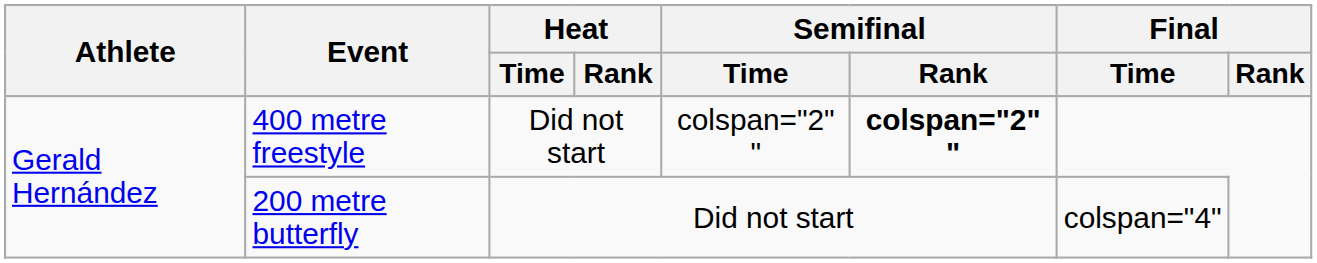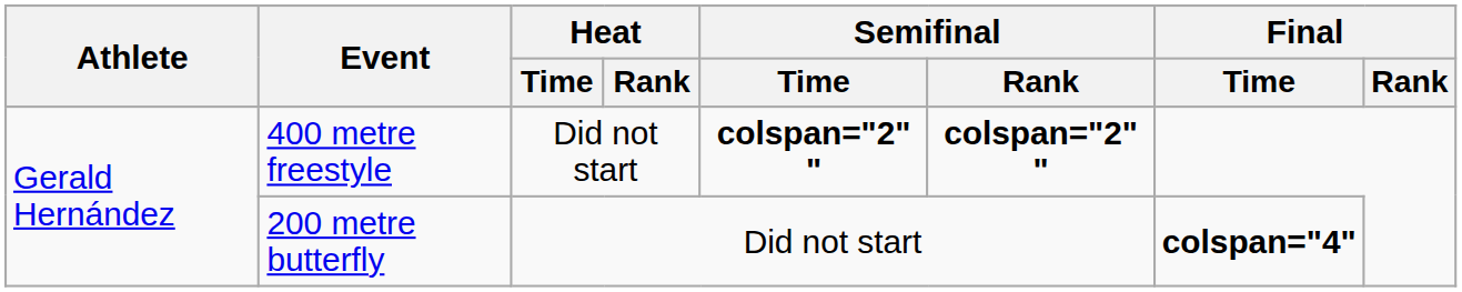 <table class="wikitable" style="text-align:center; font-size:90%; width:50%;">
 <tr>
 <th rowspan="2">Athlete</th>
 <th rowspan="2">Event</th>
 <th colspan="2">Heat</th>
 <th colspan="2">Semifinal</th>
 <th colspan="2">Final</th>
 </tr>
 <tr style="font-size:95%">
 <th>Time</th>
 <th>Rank</th>
 <th>Time</th>
 <th>Rank</th>
 <th>Time</th>
 <th>Rank</th>
 </tr>
 <tr align=center>
 <td align=left rowspan="2"><a href='#'>Gerald Hernández</a></td>
 <td align=left><a href='#'>400 metre freestyle</a></td>
 <td colspan="2">Did not start</td>
-<td>colspan="2"  "</td>
+<td><strong>colspan="2"  "</strong></td>
 <td><strong>colspan="2"  "</strong></td>
 </tr>
 <tr align=center>
 <td align=left><a href='#'>200 metre butterfly</a></td>
 <td colspan="4">Did not start</td>
-<td>colspan="4"</td>
+<td><strong>colspan="4"</strong></td>
 </tr>
 </table>
